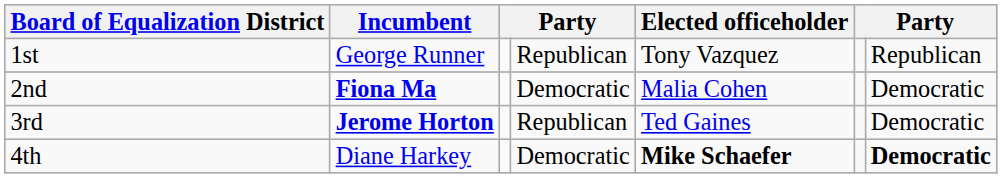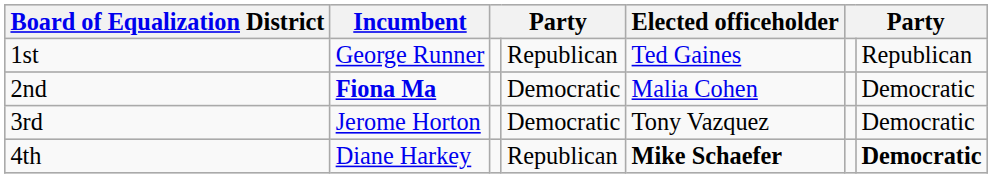 <table class="sortable wikitable" style="font-size:95%;line-height:14px;">
 <tr>
 <th class="sortable"><a href='#'>Board of Equalization</a> District</th>
 <th class="unsortable"><a href='#'>Incumbent</a></th>
 <th colspan="2">Party</th>
 <th class="unsortable">Elected officeholder</th>
 <th colspan="2">Party</th>
 </tr>
 <tr>
 <td>1st</td>
 <td><a href='#'>George Runner</a></td>
 <td style="background:"></td>
 <td>Republican</td>
-<td>Tony Vazquez</td>
+<td><a href='#'>Ted Gaines</a></td>
 <td style="background:"></td>
 <td>Republican</td>
 </tr>
 <tr>
 <td>2nd</td>
 <td><strong><a href='#'>Fiona Ma</a></strong></td>
 <td style="background:"></td>
 <td>Democratic</td>
 <td><a href='#'>Malia Cohen</a></td>
 <td style="background:"></td>
 <td>Democratic</td>
 </tr>
 <tr>
 <td>3rd</td>
-<td><strong><a href='#'>Jerome Horton</a></strong></td>
+<td><a href='#'>Jerome Horton</a></td>
 <td style="background:"></td>
-<td>Republican</td>
-<td><a href='#'>Ted Gaines</a></td>
+<td>Democratic</td>
+<td>Tony Vazquez</td>
 <td style="background:"></td>
 <td>Democratic</td>
 </tr>
 <tr>
 <td>4th</td>
 <td><a href='#'>Diane Harkey</a></td>
 <td style="background:"></td>
-<td>Democratic</td>
+<td>Republican</td>
 <td><strong>Mike Schaefer</strong></td>
 <td style="background:"></td>
 <td><strong>Democratic</strong></td>
 </tr>
 </table>
